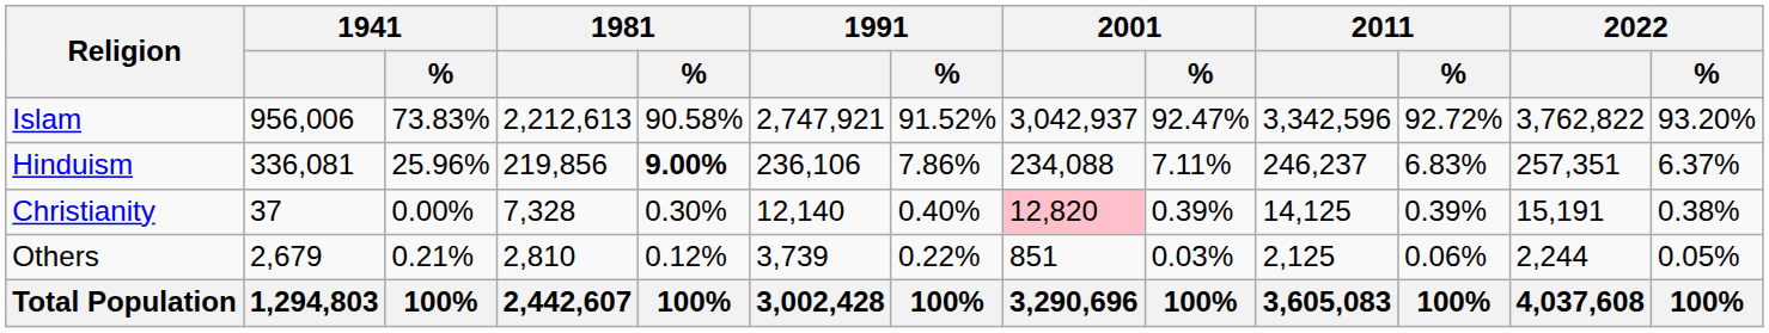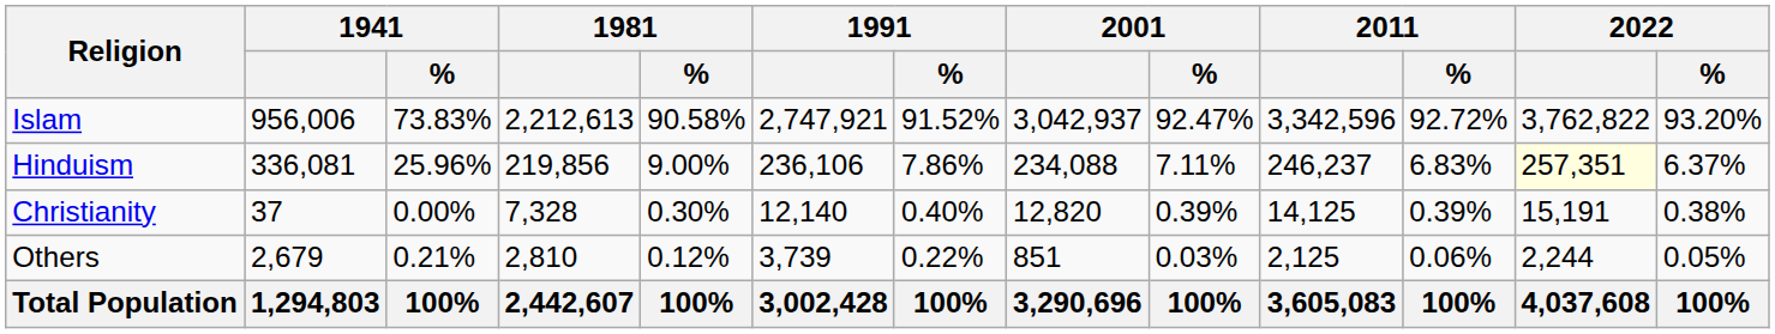 <table class="wikitable sortable">
 <tr>
 <th rowspan="2">Religion</th>
 <th colspan="2">1941</th>
 <th colspan="2">1981</th>
 <th colspan="2">1991</th>
 <th colspan="2">2001</th>
 <th colspan="2">2011</th>
 <th colspan="2">2022</th>
 </tr>
 <tr>
 <th></th>
 <th>%</th>
 <th></th>
 <th>%</th>
 <th></th>
 <th>%</th>
 <th></th>
 <th>%</th>
 <th></th>
 <th>%</th>
 <th></th>
 <th>%</th>
 </tr>
 <tr>
 <td><a href='#'>Islam</a> </td>
 <td>956,006</td>
 <td>73.83%</td>
 <td>2,212,613</td>
 <td>90.58%</td>
 <td>2,747,921</td>
 <td>91.52%</td>
 <td>3,042,937</td>
 <td>92.47%</td>
 <td>3,342,596</td>
 <td>92.72%</td>
 <td>3,762,822</td>
 <td>93.20%</td>
 </tr>
 <tr>
 <td><a href='#'>Hinduism</a> </td>
 <td>336,081</td>
 <td>25.96%</td>
 <td>219,856</td>
-<td><strong>9.00%</strong></td>
+<td>9.00%</td>
 <td>236,106</td>
 <td>7.86%</td>
 <td>234,088</td>
 <td>7.11%</td>
 <td>246,237</td>
 <td>6.83%</td>
-<td>257,351</td>
+<td style="background: lightyellow;">257,351</td>
 <td>6.37%</td>
 </tr>
 <tr>
 <td><a href='#'>Christianity</a> </td>
 <td>37</td>
 <td>0.00%</td>
 <td>7,328</td>
 <td>0.30%</td>
 <td>12,140</td>
 <td>0.40%</td>
-<td style="background: pink;">12,820</td>
+<td>12,820</td>
 <td>0.39%</td>
 <td>14,125</td>
 <td>0.39%</td>
 <td>15,191</td>
 <td>0.38%</td>
 </tr>
 <tr>
 <td>Others</td>
 <td>2,679</td>
 <td>0.21%</td>
 <td>2,810</td>
 <td>0.12%</td>
 <td>3,739</td>
 <td>0.22%</td>
 <td>851</td>
 <td>0.03%</td>
 <td>2,125</td>
 <td>0.06%</td>
 <td>2,244</td>
 <td>0.05%</td>
 </tr>
 <tr>
 <th>Total Population</th>
 <th>1,294,803</th>
 <th>100%</th>
 <th>2,442,607</th>
 <th>100%</th>
 <th>3,002,428</th>
 <th>100%</th>
 <th>3,290,696</th>
 <th>100%</th>
 <th>3,605,083</th>
 <th>100%</th>
 <th>4,037,608</th>
 <th>100%</th>
 </tr>
 </table>
